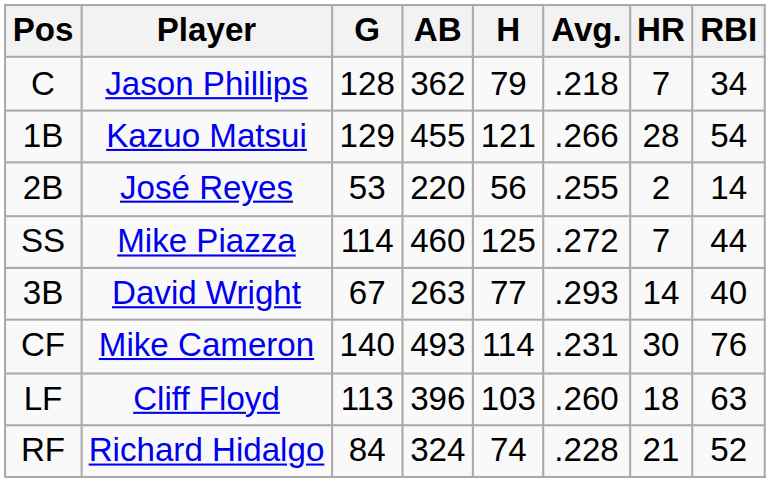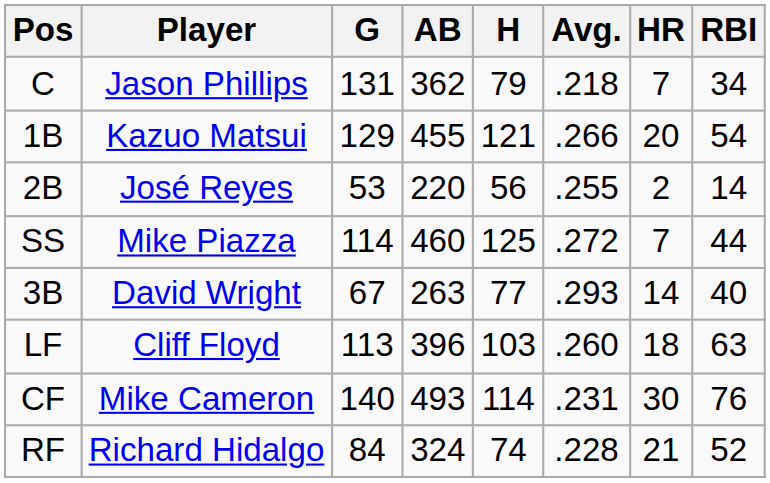 <table class="wikitable sortable">
 <tr>
 <th>Pos</th>
 <th>Player</th>
 <th>G</th>
 <th>AB</th>
 <th>H</th>
 <th>Avg.</th>
 <th>HR</th>
 <th>RBI</th>
 </tr>
 <tr align="center">
 <td>C</td>
 <td><a href='#'>Jason Phillips</a></td>
-<td>128</td>
+<td>131</td>
 <td>362</td>
 <td>79</td>
 <td>.218</td>
 <td>7</td>
 <td>34</td>
 </tr>
 <tr align=center>
 <td>1B</td>
 <td><a href='#'>Kazuo Matsui</a></td>
 <td>129</td>
 <td>455</td>
 <td>121</td>
 <td>.266</td>
-<td>28</td>
+<td>20</td>
 <td>54</td>
 </tr>
 <tr align=center>
 <td>2B</td>
 <td><a href='#'>José Reyes</a></td>
 <td>53</td>
 <td>220</td>
 <td>56</td>
 <td>.255</td>
 <td>2</td>
 <td>14</td>
 </tr>
 <tr align=center>
 <td>SS</td>
 <td><a href='#'>Mike Piazza</a></td>
 <td>114</td>
 <td>460</td>
 <td>125</td>
 <td>.272</td>
 <td>7</td>
 <td>44</td>
 </tr>
 <tr align=center>
 <td>3B</td>
 <td><a href='#'>David Wright</a></td>
 <td>67</td>
 <td>263</td>
 <td>77</td>
 <td>.293</td>
 <td>14</td>
 <td>40</td>
 </tr>
 <tr align=center>
+<td>LF</td>
+<td><a href='#'>Cliff Floyd</a></td>
+<td>113</td>
+<td>396</td>
+<td>103</td>
+<td>.260</td>
+<td>18</td>
+<td>63</td>
+</tr>
+<tr align=center>
 <td>CF</td>
 <td><a href='#'>Mike Cameron</a></td>
 <td>140</td>
 <td>493</td>
 <td>114</td>
 <td>.231</td>
 <td>30</td>
 <td>76</td>
-</tr>
-<tr align=center>
-<td>LF</td>
-<td><a href='#'>Cliff Floyd</a></td>
-<td>113</td>
-<td>396</td>
-<td>103</td>
-<td>.260</td>
-<td>18</td>
-<td>63</td>
 </tr>
 <tr align=center>
 <td>RF</td>
 <td><a href='#'>Richard Hidalgo</a></td>
 <td>84</td>
 <td>324</td>
 <td>74</td>
 <td>.228</td>
 <td>21</td>
 <td>52</td>
 </tr>
 </table>
